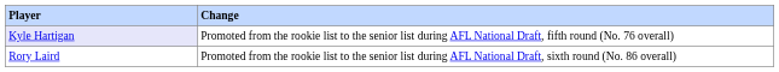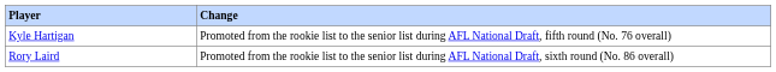 <table border="1" cellpadding="4" cellspacing="0"  style="text-align:left; font-size:95%; border-collapse:collapse; width:80%;">
 <tr style="background:#C1D8FF;">
 <th style="width:25%;">Player</th>
 <th>Change</th>
 </tr>
 <tr>
-<td style="background: lavender;"> <a href='#'>Kyle Hartigan</a></td>
+<td> <a href='#'>Kyle Hartigan</a></td>
 <td>Promoted from the rookie list to the senior list during <a href='#'>AFL National Draft</a>, fifth round (No. 76 overall)</td>
 </tr>
 <tr>
 <td> <a href='#'>Rory Laird</a></td>
 <td>Promoted from the rookie list to the senior list during <a href='#'>AFL National Draft</a>, sixth round (No. 86 overall)</td>
 </tr>
 </table>
